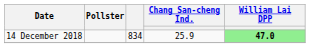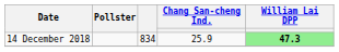 <table class="wikitable sortable collapsible" style="font-size:95%; text-align:center">
 <tr>
 <th rowspan=2>Date</th>
 <th rowspan=2>Pollster</th>
 <th rowspan=2></th>
 <th width=120px><a href='#'>Chang San-cheng</a><br><a href='#'>Ind.</a></th>
 <th width=120px><a href='#'>William Lai</a><br><a href='#'>DPP</a></th>
 </tr>
 <tr>
 <th style="background:"></th>
 <th style="background:"></th>
 </tr>
 <tr>
 <td>14 December 2018</td>
 <td></td>
 <td>834</td>
 <td>25.9</td>
-<td style="background-color:lightgreen;"><strong>47.0</strong></td>
+<td style="background-color:lightgreen;"><strong>47.3</strong></td>
 </tr>
 <tr>
 </tr>
 </table>
